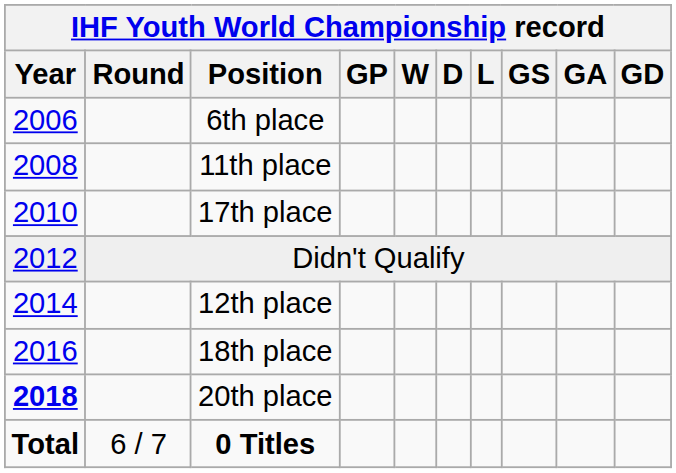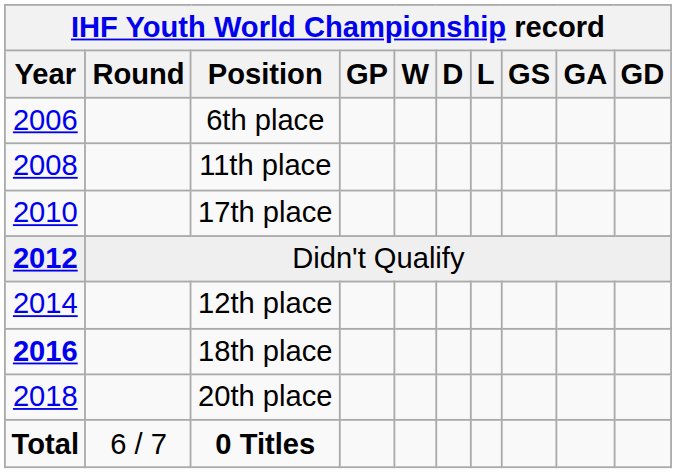 <table class="wikitable" style="text-align: center;">
 <tr>
 <th colspan=10><a href='#'>IHF Youth World Championship</a> record</th>
 </tr>
 <tr>
 <th>Year</th>
 <th>Round</th>
 <th>Position</th>
 <th>GP</th>
 <th>W</th>
 <th>D</th>
 <th>L</th>
 <th>GS</th>
 <th>GA</th>
 <th>GD</th>
 </tr>
 <tr bgcolor=>
 <td> <a href='#'>2006</a></td>
 <td></td>
 <td>6th place</td>
 <td></td>
 <td></td>
 <td></td>
 <td></td>
 <td></td>
 <td></td>
 <td></td>
 </tr>
 <tr bgcolor=>
 <td> <a href='#'>2008</a></td>
 <td></td>
 <td>11th place</td>
 <td></td>
 <td></td>
 <td></td>
 <td></td>
 <td></td>
 <td></td>
 <td></td>
 </tr>
 <tr bgcolor=>
 <td> <a href='#'>2010</a></td>
 <td></td>
 <td>17th place</td>
 <td></td>
 <td></td>
 <td></td>
 <td></td>
 <td></td>
 <td></td>
 <td></td>
 </tr>
 <tr bgcolor=efefef>
-<td> <a href='#'>2012</a></td>
+<td><strong> <a href='#'>2012</a></strong></td>
 <td colspan=9 rowspan=1>Didn't Qualify</td>
 </tr>
 <tr bgcolor=>
 <td> <a href='#'>2014</a></td>
 <td></td>
 <td>12th place</td>
 <td></td>
 <td></td>
 <td></td>
 <td></td>
 <td></td>
 <td></td>
 <td></td>
 </tr>
 <tr bgcolor=>
-<td> <a href='#'>2016</a></td>
+<td><strong> <a href='#'>2016</a></strong></td>
 <td></td>
 <td>18th place</td>
 <td></td>
 <td></td>
 <td></td>
 <td></td>
 <td></td>
 <td></td>
 <td></td>
 </tr>
 <tr bgcolor=>
-<td><strong> <a href='#'>2018</a></strong></td>
+<td> <a href='#'>2018</a></td>
 <td></td>
 <td>20th place</td>
 <td></td>
 <td></td>
 <td></td>
 <td></td>
 <td></td>
 <td></td>
 <td></td>
 </tr>
 <tr>
 <td><strong>Total</strong></td>
 <td>6 / 7</td>
 <td><strong>0 Titles</strong></td>
 <td></td>
 <td></td>
 <td></td>
 <td></td>
 <td></td>
 <td></td>
 <td></td>
 </tr>
 </table>
